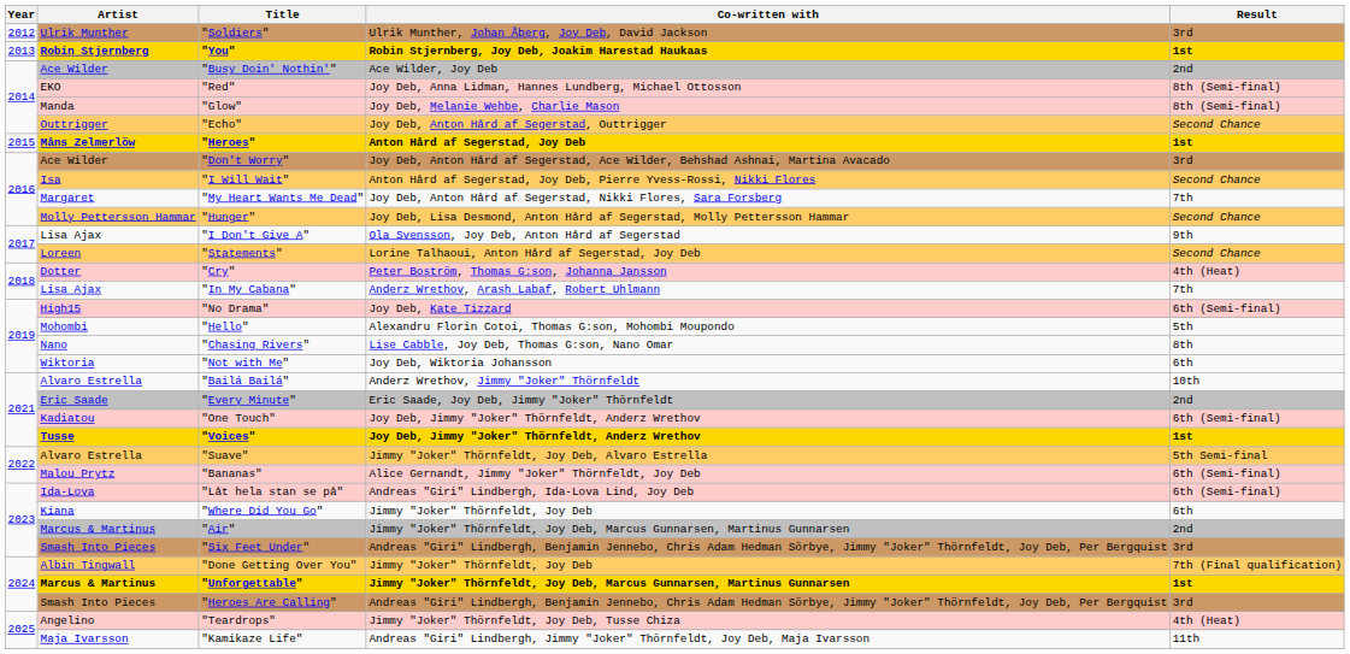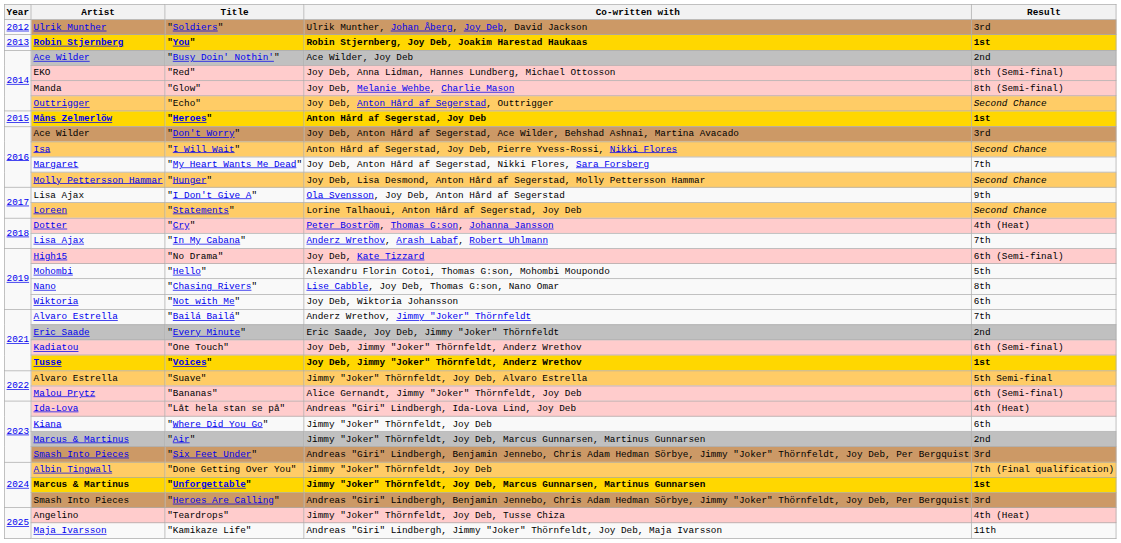 <table class="wikitable plainrowheaders">
 <tr>
 <th scope="col">Year</th>
 <th scope="col">Artist</th>
 <th scope="col">Title</th>
 <th scope="col">Co-written with</th>
 <th scope="col">Result</th>
 </tr>
 <tr>
 <td><a href='#'>2012</a></td>
 <td bgcolor="#cc9966"><a href='#'>Ulrik Munther</a></td>
 <td bgcolor="#cc9966">"<a href='#'>Soldiers</a>"</td>
 <td bgcolor="#cc9966">Ulrik Munther, <a href='#'>Johan Åberg</a>, <a href='#'>Joy Deb</a>, David Jackson</td>
 <td bgcolor="#cc9966">3rd</td>
 </tr>
 <tr>
 <td><a href='#'>2013</a></td>
 <td bgcolor="gold" style="font-weight:bold;"><a href='#'>Robin Stjernberg</a></td>
 <td bgcolor="gold" style="font-weight:bold;">"<a href='#'>You</a>"</td>
 <td bgcolor="gold" style="font-weight:bold;">Robin Stjernberg, Joy Deb, Joakim Harestad Haukaas</td>
 <td bgcolor="gold" style="font-weight:bold;">1st</td>
 </tr>
 <tr>
 <td rowspan="4"><a href='#'>2014</a></td>
 <td bgcolor="silver"><a href='#'>Ace Wilder</a></td>
 <td bgcolor="silver">"<a href='#'>Busy Doin' Nothin'</a>"</td>
 <td bgcolor="silver">Ace Wilder, Joy Deb</td>
 <td bgcolor="silver">2nd</td>
 </tr>
 <tr bgcolor="#ffcccc">
 <td>EKO</td>
 <td>"Red"</td>
 <td>Joy Deb, Anna Lidman, Hannes Lundberg, Michael Ottosson</td>
 <td>8th (Semi-final)</td>
 </tr>
 <tr bgcolor="#ffcccc">
 <td>Manda</td>
 <td>"Glow"</td>
 <td>Joy Deb, <a href='#'>Melanie Wehbe</a>, <a href='#'>Charlie Mason</a></td>
 <td>8th (Semi-final)</td>
 </tr>
 <tr bgcolor="#ffcc66">
 <td><a href='#'>Outtrigger</a></td>
 <td>"Echo"</td>
 <td>Joy Deb, <a href='#'>Anton Hård af Segerstad</a>, Outtrigger</td>
 <td><em>Second Chance</em></td>
 </tr>
 <tr>
 <td><a href='#'>2015</a></td>
 <td bgcolor="gold" style="font-weight:bold;"><a href='#'>Måns Zelmerlöw</a></td>
 <td bgcolor="gold" style="font-weight:bold;">"<a href='#'>Heroes</a>"</td>
 <td bgcolor="gold" style="font-weight:bold;">Anton Hård af Segerstad, Joy Deb</td>
 <td bgcolor="gold" style="font-weight:bold;"><strong>1st</strong></td>
 </tr>
 <tr>
 <td rowspan="4"><a href='#'>2016</a></td>
 <td bgcolor="#cc9966">Ace Wilder</td>
 <td bgcolor="#cc9966">"<a href='#'>Don't Worry</a>"</td>
 <td bgcolor="#cc9966">Joy Deb, Anton Hård af Segerstad, Ace Wilder, Behshad Ashnai, Martina Avacado</td>
 <td bgcolor="#cc9966">3rd</td>
 </tr>
 <tr bgcolor="#ffcc66">
 <td><a href='#'>Isa</a></td>
 <td>"<a href='#'>I Will Wait</a>"</td>
 <td>Anton Hård af Segerstad, Joy Deb, Pierre Yvess-Rossi, <a href='#'>Nikki Flores</a></td>
 <td><em>Second Chance</em></td>
 </tr>
 <tr>
 <td><a href='#'>Margaret</a></td>
 <td>"<a href='#'>My Heart Wants Me Dead</a>"</td>
 <td>Joy Deb, Anton Hård af Segerstad, Nikki Flores, <a href='#'>Sara Forsberg</a></td>
 <td>7th</td>
 </tr>
 <tr bgcolor="#ffcc66">
 <td><a href='#'>Molly Pettersson Hammar</a></td>
 <td>"<a href='#'>Hunger</a>"</td>
 <td>Joy Deb, Lisa Desmond, Anton Hård af Segerstad, Molly Pettersson Hammar</td>
 <td><em>Second Chance</em></td>
 </tr>
 <tr>
 <td rowspan="2"><a href='#'>2017</a></td>
 <td>Lisa Ajax</td>
 <td>"<a href='#'>I Don't Give A</a>"</td>
 <td><a href='#'>Ola Svensson</a>, Joy Deb, Anton Hård af Segerstad</td>
 <td>9th</td>
 </tr>
 <tr bgcolor="#ffcc66">
 <td><a href='#'>Loreen</a></td>
 <td>"<a href='#'>Statements</a>"</td>
 <td>Lorine Talhaoui, Anton Hård af Segerstad, Joy Deb</td>
 <td><em>Second Chance</em></td>
 </tr>
 <tr>
 <td rowspan="2"><a href='#'>2018</a></td>
 <td bgcolor="#ffcccc"><a href='#'>Dotter</a></td>
 <td bgcolor="#ffcccc">"<a href='#'>Cry</a>"</td>
 <td bgcolor="#ffcccc"><a href='#'>Peter Boström</a>, <a href='#'>Thomas G:son</a>, <a href='#'>Johanna Jansson</a></td>
 <td bgcolor="#ffcccc">4th (Heat)</td>
 </tr>
 <tr>
 <td><a href='#'>Lisa Ajax</a></td>
 <td>"<a href='#'>In My Cabana</a>"</td>
 <td><a href='#'>Anderz Wrethov</a>, <a href='#'>Arash Labaf</a>, <a href='#'>Robert Uhlmann</a></td>
 <td>7th</td>
 </tr>
 <tr>
 <td rowspan="4"><a href='#'>2019</a></td>
 <td bgcolor="#ffcccc"><a href='#'>High15</a></td>
 <td bgcolor="#ffcccc">"No Drama"</td>
 <td bgcolor="#ffcccc">Joy Deb, <a href='#'>Kate Tizzard</a></td>
 <td bgcolor="#ffcccc">6th (Semi-final)</td>
 </tr>
 <tr>
 <td><a href='#'>Mohombi</a></td>
 <td>"<a href='#'>Hello</a>"</td>
 <td>Alexandru Florin Cotoi, Thomas G:son, Mohombi Moupondo</td>
 <td>5th</td>
 </tr>
 <tr>
 <td><a href='#'>Nano</a></td>
 <td>"<a href='#'>Chasing Rivers</a>"</td>
 <td><a href='#'>Lise Cabble</a>, Joy Deb, Thomas G:son, Nano Omar</td>
 <td>8th</td>
 </tr>
 <tr>
 <td><a href='#'>Wiktoria</a></td>
 <td>"<a href='#'>Not with Me</a>"</td>
 <td>Joy Deb, Wiktoria Johansson</td>
 <td>6th</td>
 </tr>
 <tr>
 <td rowspan="4"><a href='#'>2021</a></td>
 <td><a href='#'>Alvaro Estrella</a></td>
 <td>"<a href='#'>Bailá Bailá</a>"</td>
 <td>Anderz Wrethov, <a href='#'>Jimmy "Joker" Thörnfeldt</a></td>
-<td>10th</td>
+<td>7th</td>
 </tr>
 <tr>
 <td bgcolor="silver"><a href='#'>Eric Saade</a></td>
 <td bgcolor="silver">"<a href='#'>Every Minute</a>"</td>
 <td bgcolor="silver">Eric Saade, Joy Deb, Jimmy "Joker" Thörnfeldt</td>
 <td bgcolor="silver">2nd</td>
 </tr>
 <tr>
 <td bgcolor="#ffcccc"><a href='#'>Kadiatou</a></td>
 <td bgcolor="#ffcccc">"One Touch"</td>
 <td bgcolor="#ffcccc">Joy Deb, Jimmy "Joker" Thörnfeldt, Anderz Wrethov</td>
 <td bgcolor="#ffcccc">6th (Semi-final)</td>
 </tr>
 <tr>
 <td bgcolor="gold" style="font-weight:bold;"><a href='#'>Tusse</a></td>
 <td bgcolor="gold" style="font-weight:bold;">"<a href='#'>Voices</a>"</td>
 <td bgcolor="gold" style="font-weight:bold;">Joy Deb, Jimmy "Joker" Thörnfeldt, Anderz Wrethov</td>
 <td bgcolor="gold" style="font-weight:bold;">1st</td>
 </tr>
 <tr>
 <td rowspan="2"><a href='#'>2022</a></td>
 <td bgcolor="#ffcc66">Alvaro Estrella</td>
 <td bgcolor="#ffcc66">"Suave"</td>
 <td bgcolor="#ffcc66">Jimmy "Joker" Thörnfeldt, Joy Deb, Alvaro Estrella</td>
 <td bgcolor="#ffcc66">5th Semi-final</td>
 </tr>
 <tr>
 <td bgcolor="#ffcccc"><a href='#'>Malou Prytz</a></td>
 <td bgcolor="#ffcccc">"Bananas"</td>
 <td bgcolor="#ffcccc">Alice Gernandt, Jimmy "Joker" Thörnfeldt, Joy Deb</td>
 <td bgcolor="#ffcccc">6th (Semi-final)</td>
 </tr>
 <tr>
 <td rowspan="4"><a href='#'>2023</a></td>
 <td bgcolor="#ffcccc"><a href='#'>Ida-Lova</a></td>
 <td bgcolor="#ffcccc">"Låt hela stan se på"</td>
 <td bgcolor="#ffcccc">Andreas "Giri" Lindbergh, Ida-Lova Lind, Joy Deb</td>
-<td bgcolor="#ffcccc">6th (Semi-final)</td>
+<td bgcolor="#ffcccc">4th (Heat)</td>
 </tr>
 <tr>
 <td><a href='#'>Kiana</a></td>
 <td>"<a href='#'>Where Did You Go</a>"</td>
 <td>Jimmy "Joker" Thörnfeldt, Joy Deb</td>
 <td>6th</td>
 </tr>
 <tr>
 <td bgcolor="silver"><a href='#'>Marcus & Martinus</a></td>
 <td bgcolor="silver">"<a href='#'>Air</a>"</td>
 <td bgcolor="silver">Jimmy "Joker" Thörnfeldt, Joy Deb, Marcus Gunnarsen, Martinus Gunnarsen</td>
 <td bgcolor="silver">2nd</td>
 </tr>
 <tr>
 <td bgcolor="#cc9966"><a href='#'>Smash Into Pieces</a></td>
 <td bgcolor="#cc9966">"<a href='#'>Six Feet Under</a>"</td>
 <td bgcolor="#cc9966">Andreas "Giri" Lindbergh, Benjamin Jennebo, Chris Adam Hedman Sörbye, Jimmy "Joker" Thörnfeldt, Joy Deb, Per Bergquist</td>
 <td bgcolor="#cc9966">3rd</td>
 </tr>
 <tr>
 <td rowspan="3"><a href='#'>2024</a></td>
 <td bgcolor="#ffcc66"><a href='#'>Albin Tingwall</a></td>
 <td bgcolor="#ffcc66">"Done Getting Over You"</td>
 <td bgcolor="#ffcc66">Jimmy "Joker" Thörnfeldt, Joy Deb</td>
 <td bgcolor="#ffcc66">7th (Final qualification)</td>
 </tr>
 <tr>
 <td bgcolor="gold" style="font-weight:bold;">Marcus & Martinus</td>
 <td bgcolor="gold" style="font-weight:bold;">"<a href='#'>Unforgettable</a>"</td>
 <td bgcolor="gold" style="font-weight:bold;">Jimmy "Joker" Thörnfeldt, Joy Deb, Marcus Gunnarsen, Martinus Gunnarsen</td>
 <td bgcolor="gold" style="font-weight:bold;">1st</td>
 </tr>
 <tr>
 <td bgcolor="#cc9966">Smash Into Pieces</td>
 <td bgcolor="#cc9966">"<a href='#'>Heroes Are Calling</a>"</td>
 <td bgcolor="#cc9966">Andreas "Giri" Lindbergh, Benjamin Jennebo, Chris Adam Hedman Sörbye, Jimmy "Joker" Thörnfeldt, Joy Deb, Per Bergquist</td>
 <td bgcolor="#cc9966">3rd</td>
 </tr>
 <tr>
 <td rowspan="2"><a href='#'>2025</a></td>
 <td bgcolor="#ffcccc">Angelino</td>
 <td bgcolor="#ffcccc">"Teardrops"</td>
 <td bgcolor="#ffcccc">Jimmy "Joker" Thörnfeldt, Joy Deb, Tusse Chiza</td>
 <td bgcolor="#ffcccc">4th (Heat)</td>
 </tr>
 <tr>
 <td><a href='#'>Maja Ivarsson</a></td>
 <td>"Kamikaze Life"</td>
 <td>Andreas "Giri" Lindbergh, Jimmy "Joker" Thörnfeldt, Joy Deb, Maja Ivarsson</td>
 <td>11th</td>
 </tr>
 </table>
